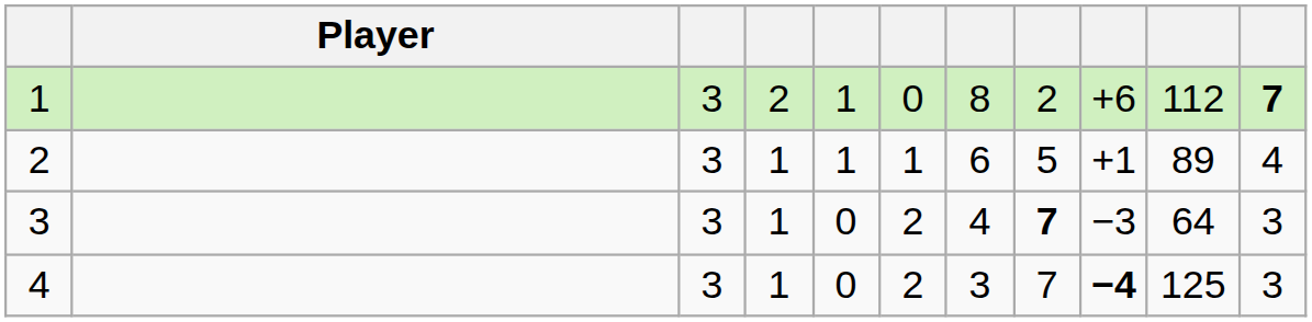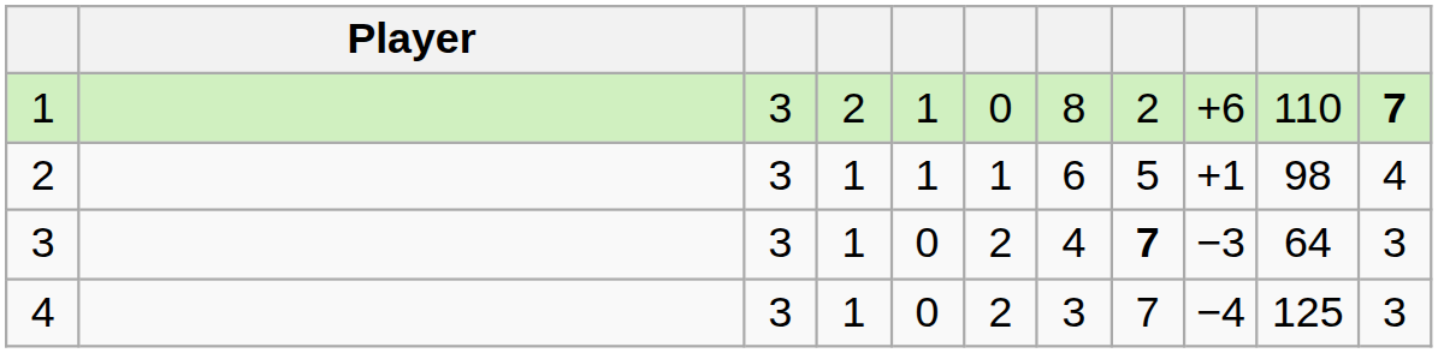 <table class="wikitable" style="text-align:center; margin: 1em auto 1em auto, align:left">
 <tr>
 <th width=20></th>
 <th width=240>Player</th>
 <th width=20></th>
 <th width=20></th>
 <th width=20></th>
 <th width=20></th>
 <th width=20></th>
 <th width=20></th>
 <th width=20></th>
 <th width=30></th>
 <th width=20></th>
 </tr>
 <tr style="background:#D0F0C0;">
 <td>1</td>
 <td align=left></td>
 <td>3</td>
 <td>2</td>
 <td>1</td>
 <td>0</td>
 <td>8</td>
 <td>2</td>
 <td>+6</td>
-<td>112</td>
+<td>110</td>
 <td><strong>7</strong></td>
 </tr>
 <tr style=>
 <td>2</td>
 <td align=left></td>
 <td>3</td>
 <td>1</td>
 <td>1</td>
 <td>1</td>
 <td>6</td>
 <td>5</td>
 <td>+1</td>
-<td>89</td>
+<td>98</td>
 <td>4</td>
 </tr>
 <tr style=>
 <td>3</td>
 <td align=left></td>
 <td>3</td>
 <td>1</td>
 <td>0</td>
 <td>2</td>
 <td>4</td>
 <td><strong>7</strong></td>
 <td>−3</td>
 <td>64</td>
 <td>3</td>
 </tr>
 <tr style=>
 <td>4</td>
 <td align=left></td>
 <td>3</td>
 <td>1</td>
 <td>0</td>
 <td>2</td>
 <td>3</td>
 <td>7</td>
-<td><strong>−4</strong></td>
+<td>−4</td>
 <td>125</td>
 <td>3</td>
 </tr>
 </table>
